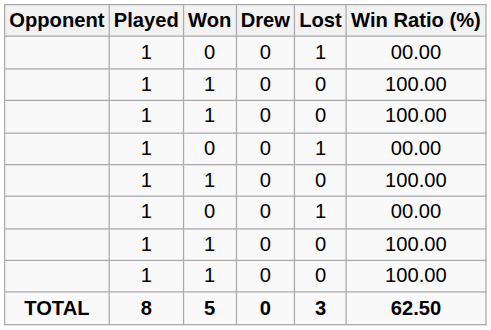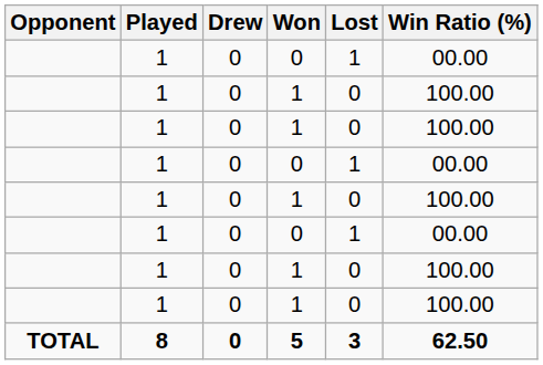 <table class="wikitable">
 <tr>
 <th>Opponent</th>
 <th>Played</th>
+<th>Drew</th>
 <th>Won</th>
-<th>Drew</th>
 <th>Lost</th>
 <th>Win Ratio (%)</th>
 </tr>
 <tr align=center>
 <td align=left></td>
 <td>1</td>
 <td>0</td>
 <td>0</td>
 <td>1</td>
 <td>00.00</td>
 </tr>
 <tr align=center>
 <td align=left></td>
 <td>1</td>
+<td>0</td>
 <td>1</td>
-<td>0</td>
 <td>0</td>
 <td>100.00</td>
 </tr>
 <tr align=center>
 <td align=left></td>
 <td>1</td>
+<td>0</td>
 <td>1</td>
-<td>0</td>
 <td>0</td>
 <td>100.00</td>
 </tr>
 <tr align=center>
 <td align=left></td>
 <td>1</td>
 <td>0</td>
 <td>0</td>
 <td>1</td>
 <td>00.00</td>
 </tr>
 <tr align=center>
 <td align=left></td>
 <td>1</td>
+<td>0</td>
 <td>1</td>
-<td>0</td>
 <td>0</td>
 <td>100.00</td>
 </tr>
 <tr align=center>
 <td align=left></td>
 <td>1</td>
 <td>0</td>
 <td>0</td>
 <td>1</td>
 <td>00.00</td>
 </tr>
 <tr align=center>
 <td align=left></td>
 <td>1</td>
+<td>0</td>
 <td>1</td>
-<td>0</td>
 <td>0</td>
 <td>100.00</td>
 </tr>
 <tr align=center>
 <td align=left></td>
 <td>1</td>
+<td>0</td>
 <td>1</td>
-<td>0</td>
 <td>0</td>
 <td>100.00</td>
 </tr>
 <tr align=center>
 <td><strong>TOTAL</strong></td>
 <td><strong>8</strong></td>
+<td><strong>0</strong></td>
 <td><strong>5</strong></td>
-<td><strong>0</strong></td>
 <td><strong>3</strong></td>
 <td><strong>62.50</strong></td>
 </tr>
 </table>
